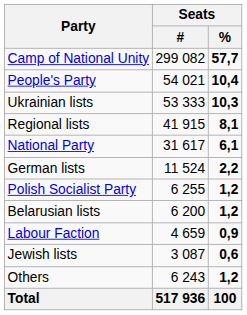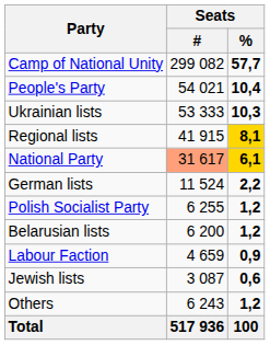 <table class="wikitable" style="text-align:right;">
 <tr>
 <th rowspan="2">Party</th>
 <th colspan="2">Seats</th>
 </tr>
 <tr>
 <th>#</th>
 <th>%</th>
 </tr>
 <tr>
 <td style="text-align: left"><a href='#'>Camp of National Unity</a></td>
 <td>299 082</td>
 <td><strong>57,7</strong></td>
 </tr>
 <tr>
 <td style="text-align: left"><a href='#'>People's Party</a></td>
 <td>54 021</td>
 <td><strong>10,4</strong></td>
 </tr>
 <tr>
 <td style="text-align: left">Ukrainian lists</td>
 <td>53 333</td>
 <td><strong>10,3</strong></td>
 </tr>
 <tr>
 <td style="text-align: left">Regional lists</td>
 <td>41 915</td>
-<td><strong>8,1</strong></td>
+<td style="background: gold;"><strong>8,1</strong></td>
 </tr>
 <tr>
 <td style="text-align: left"><a href='#'>National Party</a></td>
-<td>31 617</td>
-<td><strong>6,1</strong></td>
+<td style="background: lightsalmon;">31 617</td>
+<td style="background: gold;"><strong>6,1</strong></td>
 </tr>
 <tr>
 <td style="text-align: left">German lists</td>
 <td>11 524</td>
 <td><strong>2,2</strong></td>
 </tr>
 <tr>
 <td style="text-align: left"><a href='#'>Polish Socialist Party</a></td>
 <td>6 255</td>
 <td><strong>1,2</strong></td>
 </tr>
 <tr>
 <td style="text-align: left">Belarusian lists</td>
 <td>6 200</td>
 <td><strong>1,2</strong></td>
 </tr>
 <tr>
 <td style="text-align: left"><a href='#'>Labour Faction</a></td>
 <td>4 659</td>
 <td><strong>0,9</strong></td>
 </tr>
 <tr>
 <td style="text-align: left">Jewish lists</td>
 <td>3 087</td>
 <td><strong>0,6</strong></td>
 </tr>
 <tr>
 <td style="text-align: left">Others</td>
 <td>6 243</td>
 <td><strong>1,2</strong></td>
 </tr>
 <tr>
 <th style="text-align: left">Total</th>
 <th>517 936</th>
 <th>100</th>
 </tr>
 </table>
